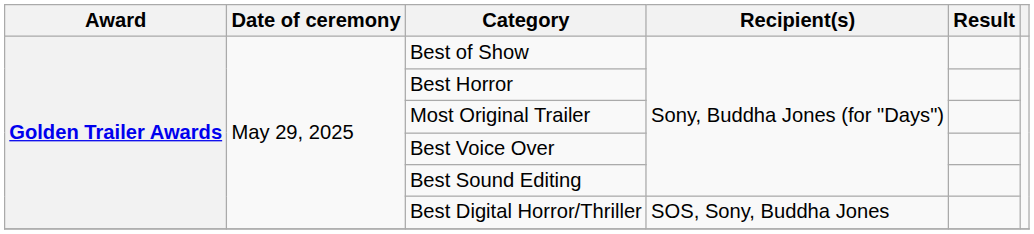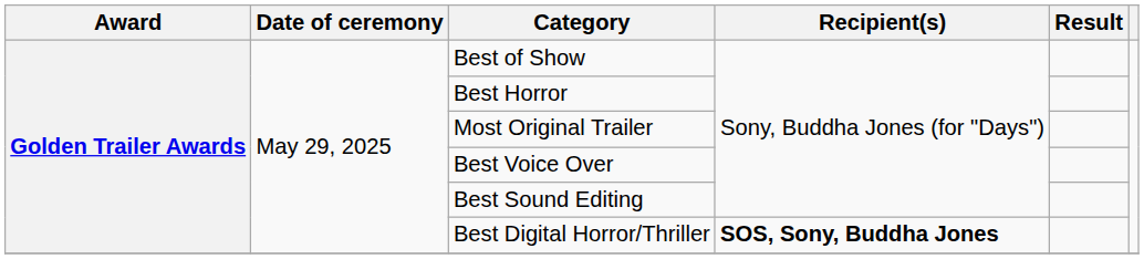 <table class="wikitable sortable plainrowheaders">
 <tr>
 <th scope="col">Award</th>
 <th scope="col">Date of ceremony</th>
 <th scope="col">Category</th>
 <th scope="col">Recipient(s)</th>
 <th scope="col">Result</th>
 <th scope="col" class="unsortable"></th>
 </tr>
 <tr>
 <th scope="rowgroup" rowspan="6"><a href='#'>Golden Trailer Awards</a></th>
 <td rowspan="6">May 29, 2025</td>
 <td>Best of Show</td>
 <td rowspan="5">Sony, Buddha Jones (for "Days")</td>
 <td></td>
 <td style="text-align:center;" rowspan="6"></td>
 </tr>
 <tr>
 <td>Best Horror</td>
 <td></td>
 </tr>
 <tr>
 <td>Most Original Trailer</td>
 <td></td>
 </tr>
 <tr>
 <td>Best Voice Over</td>
 <td></td>
 </tr>
 <tr>
 <td>Best Sound Editing</td>
 <td></td>
 </tr>
 <tr>
 <td>Best Digital  Horror/Thriller</td>
-<td>SOS, Sony, Buddha Jones</td>
+<td><strong>SOS, Sony, Buddha Jones</strong></td>
 <td></td>
 </tr>
 <tr>
 </tr>
 </table>
